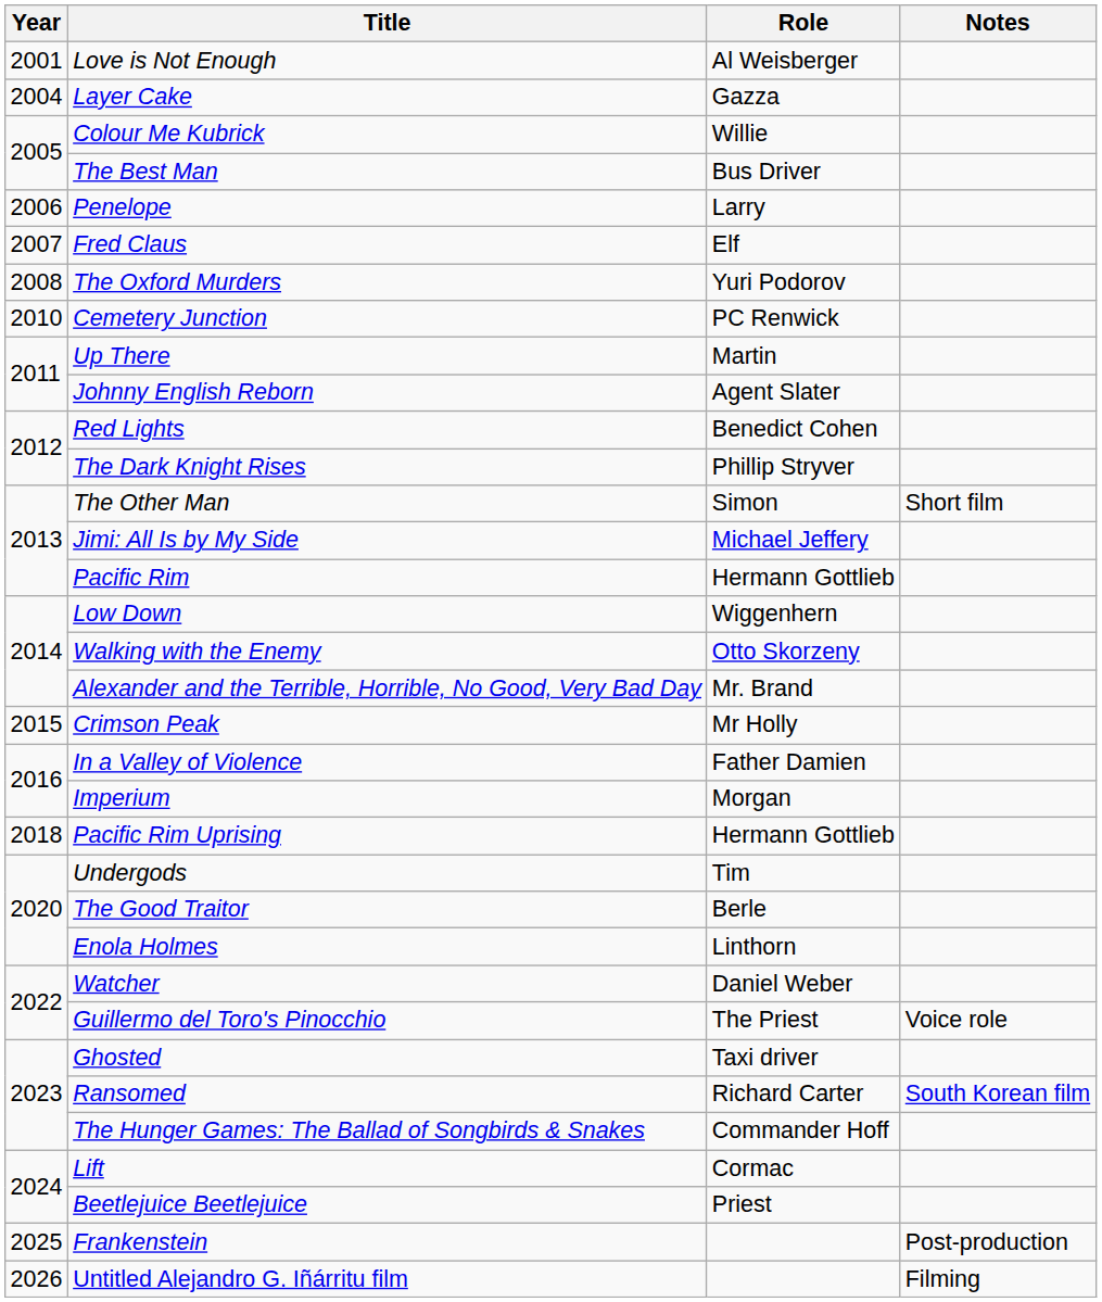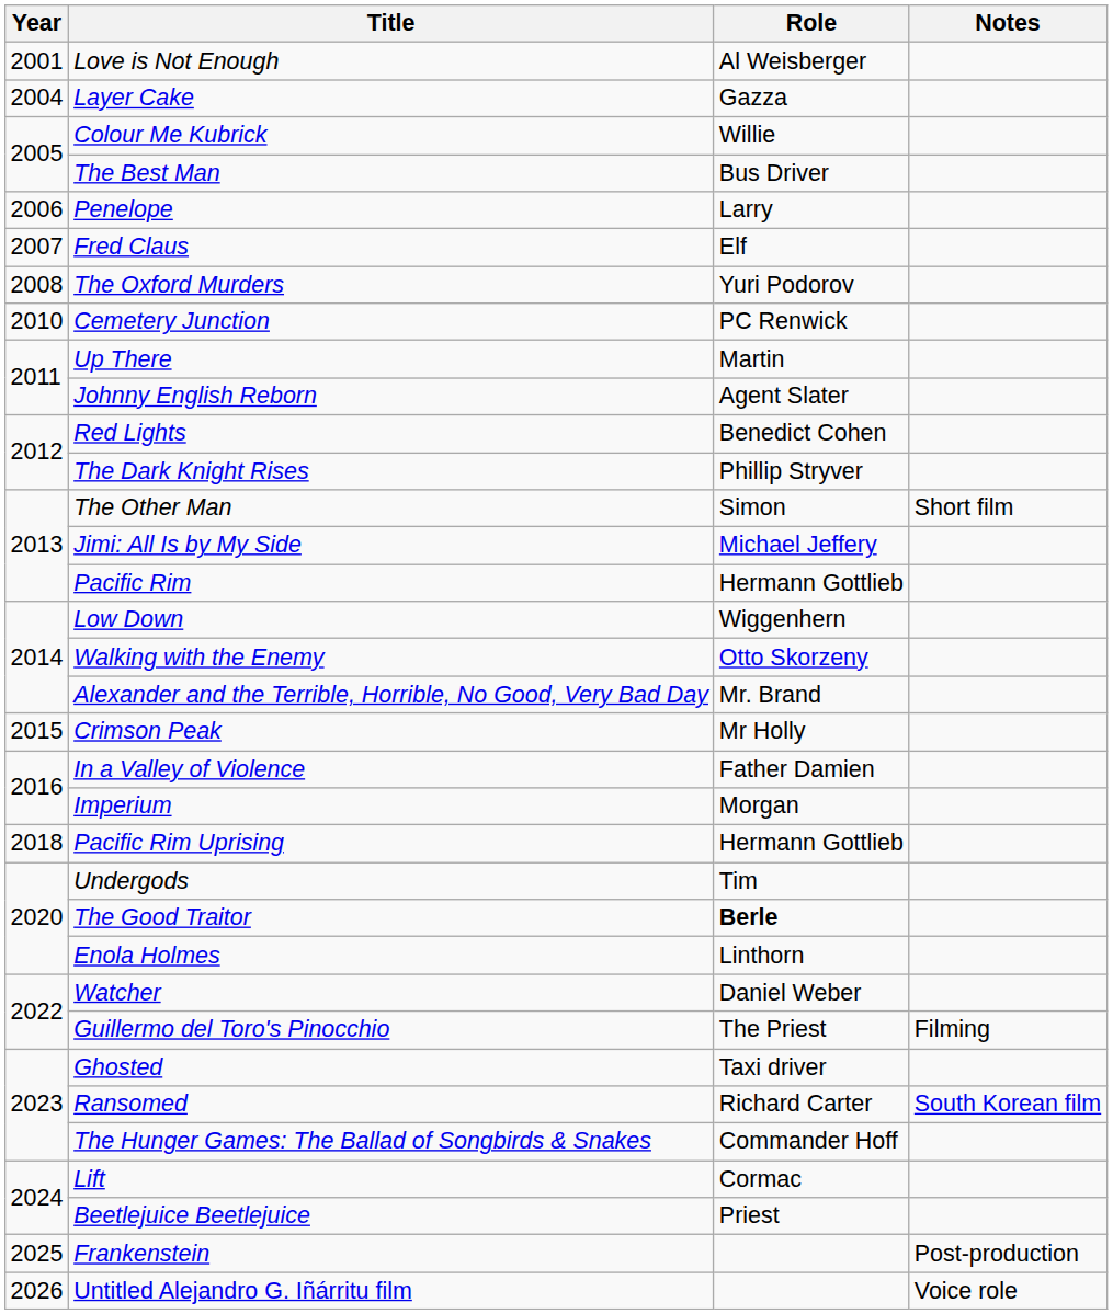 <table class="wikitable sortable">
 <tr>
 <th>Year</th>
 <th>Title</th>
 <th>Role</th>
 <th class="unsortable">Notes</th>
 </tr>
 <tr>
 <td>2001</td>
 <td><em>Love is Not Enough</em></td>
 <td>Al Weisberger</td>
 <td></td>
 </tr>
 <tr>
 <td>2004</td>
 <td><em><a href='#'>Layer Cake</a></em></td>
 <td>Gazza</td>
 <td></td>
 </tr>
 <tr>
 <td rowspan="2">2005</td>
 <td><em><a href='#'>Colour Me Kubrick</a></em></td>
 <td>Willie</td>
 <td></td>
 </tr>
 <tr>
 <td><em><a href='#'>The Best Man</a></em></td>
 <td>Bus Driver</td>
 <td></td>
 </tr>
 <tr>
 <td>2006</td>
 <td><em><a href='#'>Penelope</a></em></td>
 <td>Larry</td>
 <td></td>
 </tr>
 <tr>
 <td>2007</td>
 <td><em><a href='#'>Fred Claus</a></em></td>
 <td>Elf</td>
 <td></td>
 </tr>
 <tr>
 <td>2008</td>
 <td><em><a href='#'>The Oxford Murders</a></em></td>
 <td>Yuri Podorov</td>
 <td></td>
 </tr>
 <tr>
 <td>2010</td>
 <td><em><a href='#'>Cemetery Junction</a></em></td>
 <td>PC Renwick</td>
 <td></td>
 </tr>
 <tr>
 <td rowspan="2">2011</td>
 <td><em><a href='#'>Up There</a></em></td>
 <td>Martin</td>
 <td></td>
 </tr>
 <tr>
 <td><em><a href='#'>Johnny English Reborn</a></em></td>
 <td>Agent Slater</td>
 <td></td>
 </tr>
 <tr>
 <td rowspan="2">2012</td>
 <td><em><a href='#'>Red Lights</a></em></td>
 <td>Benedict Cohen</td>
 <td></td>
 </tr>
 <tr>
 <td><em><a href='#'>The Dark Knight Rises</a></em></td>
 <td>Phillip Stryver</td>
 <td></td>
 </tr>
 <tr>
 <td rowspan="3">2013</td>
 <td><em>The Other Man</em></td>
 <td>Simon</td>
 <td>Short film</td>
 </tr>
 <tr>
 <td><em><a href='#'>Jimi: All Is by My Side</a></em></td>
 <td><a href='#'>Michael Jeffery</a></td>
 <td></td>
 </tr>
 <tr>
 <td><em><a href='#'>Pacific Rim</a></em></td>
 <td>Hermann Gottlieb</td>
 <td></td>
 </tr>
 <tr>
 <td rowspan="3">2014</td>
 <td><em><a href='#'>Low Down</a></em></td>
 <td>Wiggenhern</td>
 <td></td>
 </tr>
 <tr>
 <td><em><a href='#'>Walking with the Enemy</a></em></td>
 <td><a href='#'>Otto Skorzeny</a></td>
 <td></td>
 </tr>
 <tr>
 <td><em><a href='#'>Alexander and the Terrible, Horrible, No Good, Very Bad Day</a></em></td>
 <td>Mr. Brand</td>
 <td></td>
 </tr>
 <tr>
 <td>2015</td>
 <td><em><a href='#'>Crimson Peak</a></em></td>
 <td>Mr Holly</td>
 <td></td>
 </tr>
 <tr>
 <td rowspan="2">2016</td>
 <td><em><a href='#'>In a Valley of Violence</a></em></td>
 <td>Father Damien</td>
 <td></td>
 </tr>
 <tr>
 <td><em><a href='#'>Imperium</a></em></td>
 <td>Morgan</td>
 <td></td>
 </tr>
 <tr>
 <td>2018</td>
 <td><em><a href='#'>Pacific Rim Uprising</a></em></td>
 <td>Hermann Gottlieb</td>
 <td></td>
 </tr>
 <tr>
 <td rowspan="3">2020</td>
 <td><em>Undergods</em></td>
 <td>Tim</td>
 <td></td>
 </tr>
 <tr>
 <td><em><a href='#'>The Good Traitor</a></em></td>
-<td>Berle</td>
+<td><strong>Berle</strong></td>
 <td></td>
 </tr>
 <tr>
 <td><em><a href='#'>Enola Holmes</a></em></td>
 <td>Linthorn</td>
 <td></td>
 </tr>
 <tr>
 <td rowspan="2">2022</td>
 <td><em><a href='#'>Watcher</a></em></td>
 <td>Daniel Weber</td>
 <td></td>
 </tr>
 <tr>
 <td><em><a href='#'>Guillermo del Toro's Pinocchio</a></em></td>
 <td>The Priest</td>
-<td>Voice role</td>
+<td>Filming</td>
 </tr>
 <tr>
 <td rowspan="3">2023</td>
 <td><em><a href='#'>Ghosted</a></em></td>
 <td>Taxi driver</td>
 <td></td>
 </tr>
 <tr>
 <td><em><a href='#'>Ransomed</a></em></td>
 <td>Richard Carter</td>
 <td><a href='#'>South Korean film</a></td>
 </tr>
 <tr>
 <td><em><a href='#'>The Hunger Games: The Ballad of Songbirds & Snakes</a></em></td>
 <td>Commander Hoff</td>
 <td></td>
 </tr>
 <tr>
 <td rowspan="2">2024</td>
 <td><em><a href='#'>Lift</a></em></td>
 <td>Cormac</td>
 <td></td>
 </tr>
 <tr>
 <td><em><a href='#'>Beetlejuice Beetlejuice</a></em></td>
 <td>Priest</td>
 <td></td>
 </tr>
 <tr>
 <td>2025</td>
 <td><em><a href='#'>Frankenstein</a></em></td>
 <td></td>
 <td>Post-production</td>
 </tr>
 <tr>
 <td>2026</td>
 <td><a href='#'>Untitled Alejandro G. Iñárritu film</a></td>
 <td></td>
-<td>Filming</td>
+<td>Voice role</td>
 </tr>
 </table>
